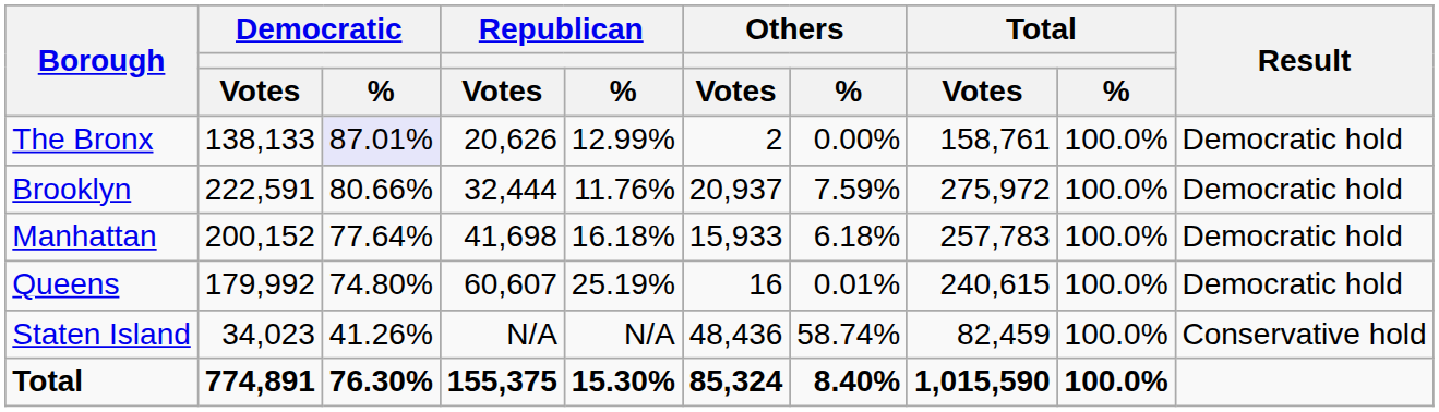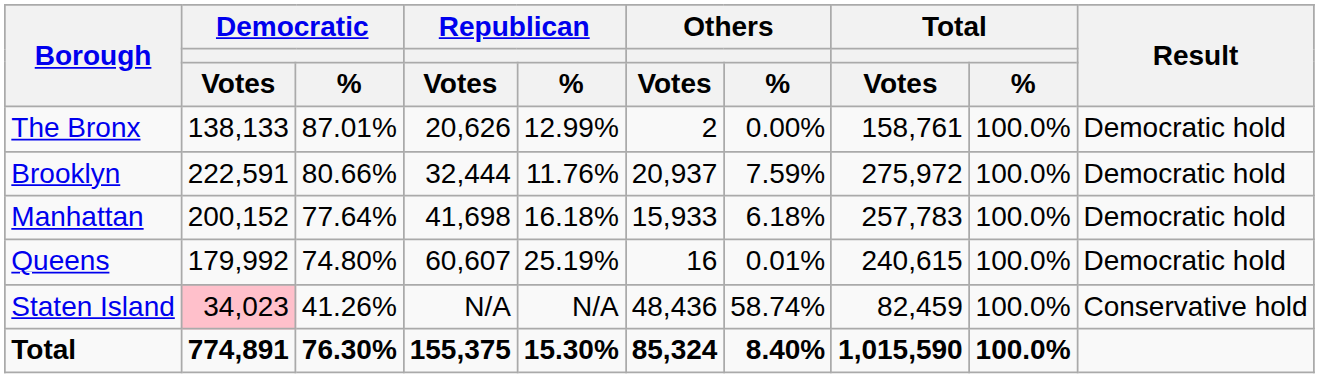 <table class="wikitable plainrowheaders sortable" style="font-size:100%; text-align:right;">
 <tr>
 <th scope=col rowspan=3><a href='#'>Borough</a></th>
 <th scope=col colspan=2><a href='#'>Democratic</a></th>
 <th scope=col colspan=2><a href='#'>Republican</a></th>
 <th scope=col colspan=2>Others</th>
 <th scope=col colspan=2>Total</th>
 <th scope=col rowspan=3>Result</th>
 </tr>
 <tr>
 <th scope=col colspan=2 style="background:"></th>
 <th scope=col colspan=2 style="background:"></th>
 <th scope=col colspan=2></th>
 <th scope=col colspan=2></th>
 </tr>
 <tr>
 <th scope=col data-sort-type="number">Votes</th>
 <th scope=col data-sort-type="number">%</th>
 <th scope=col data-sort-type="number">Votes</th>
 <th scope=col data-sort-type="number">%</th>
 <th scope=col data-sort-type="number">Votes</th>
 <th scope=col data-sort-type="number">%</th>
 <th scope=col data-sort-type="number">Votes</th>
 <th scope=col data-sort-type="number">%</th>
 </tr>
 <tr>
 <td align=left data-sort-value=Bronx><a href='#'>The Bronx</a></td>
 <td>138,133</td>
-<td style="background: lavender;">87.01%</td>
+<td>87.01%</td>
 <td>20,626</td>
 <td>12.99%</td>
 <td>2</td>
 <td>0.00%</td>
 <td>158,761</td>
 <td>100.0%</td>
 <td align=left>Democratic hold</td>
 </tr>
 <tr>
 <td align=left><a href='#'>Brooklyn</a></td>
 <td>222,591</td>
 <td>80.66%</td>
 <td>32,444</td>
 <td>11.76%</td>
 <td>20,937</td>
 <td>7.59%</td>
 <td>275,972</td>
 <td>100.0%</td>
 <td align=left>Democratic hold</td>
 </tr>
 <tr>
 <td align=left><a href='#'>Manhattan</a></td>
 <td>200,152</td>
 <td>77.64%</td>
 <td>41,698</td>
 <td>16.18%</td>
 <td>15,933</td>
 <td>6.18%</td>
 <td>257,783</td>
 <td>100.0%</td>
 <td align=left>Democratic hold</td>
 </tr>
 <tr>
 <td align=left><a href='#'>Queens</a></td>
 <td>179,992</td>
 <td>74.80%</td>
 <td>60,607</td>
 <td>25.19%</td>
 <td>16</td>
 <td>0.01%</td>
 <td>240,615</td>
 <td>100.0%</td>
 <td align=left>Democratic hold</td>
 </tr>
 <tr>
 <td align=left><a href='#'>Staten Island</a></td>
-<td>34,023</td>
+<td style="background: pink;">34,023</td>
 <td>41.26%</td>
 <td>N/A</td>
 <td>N/A</td>
 <td>48,436</td>
 <td>58.74%</td>
 <td>82,459</td>
 <td>100.0%</td>
 <td align=left>Conservative hold</td>
 </tr>
 <tr class="sortbottom" style="font-weight:bold">
 <td align=left>Total</td>
 <td>774,891</td>
 <td>76.30%</td>
 <td>155,375</td>
 <td>15.30%</td>
 <td>85,324</td>
 <td>8.40%</td>
 <td>1,015,590</td>
 <td>100.0%</td>
 </tr>
 </table>
